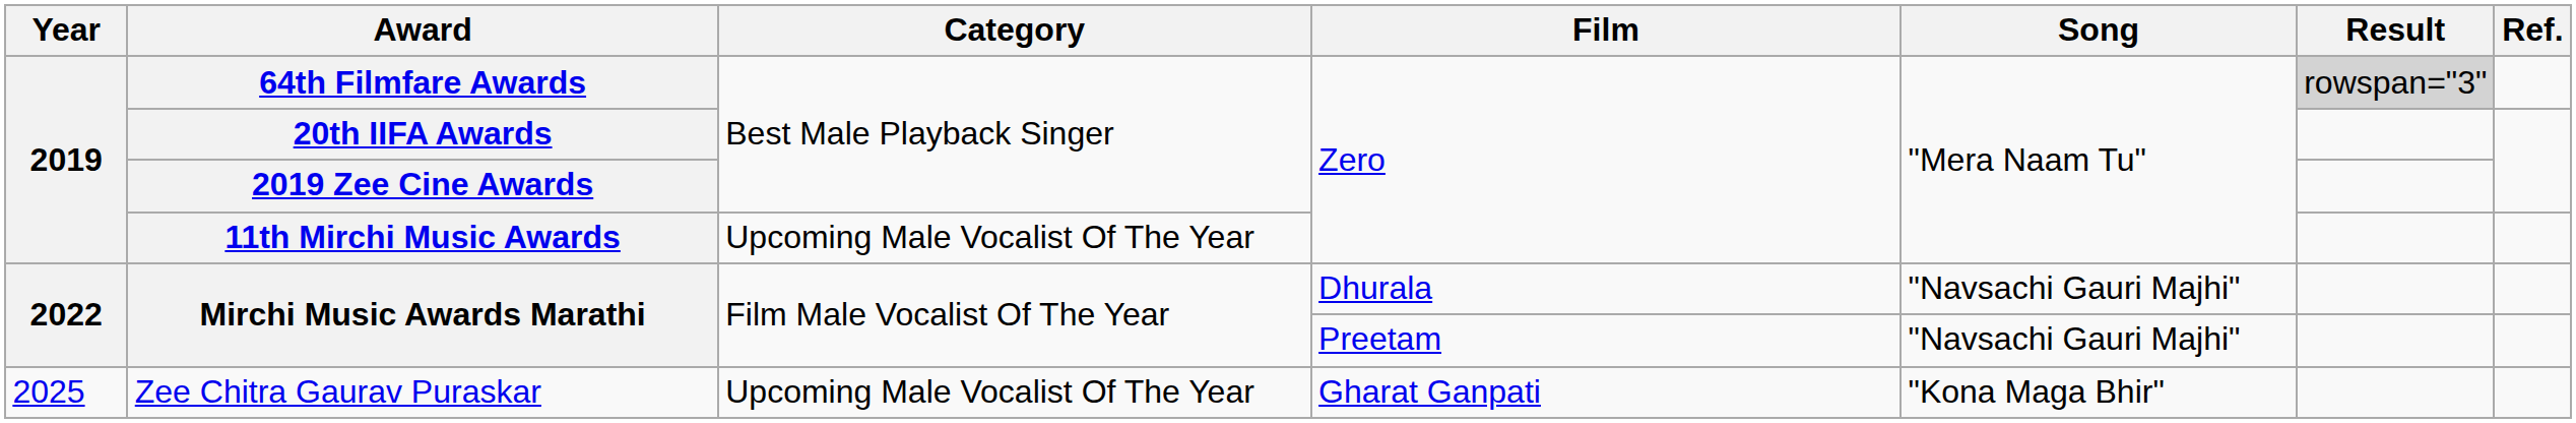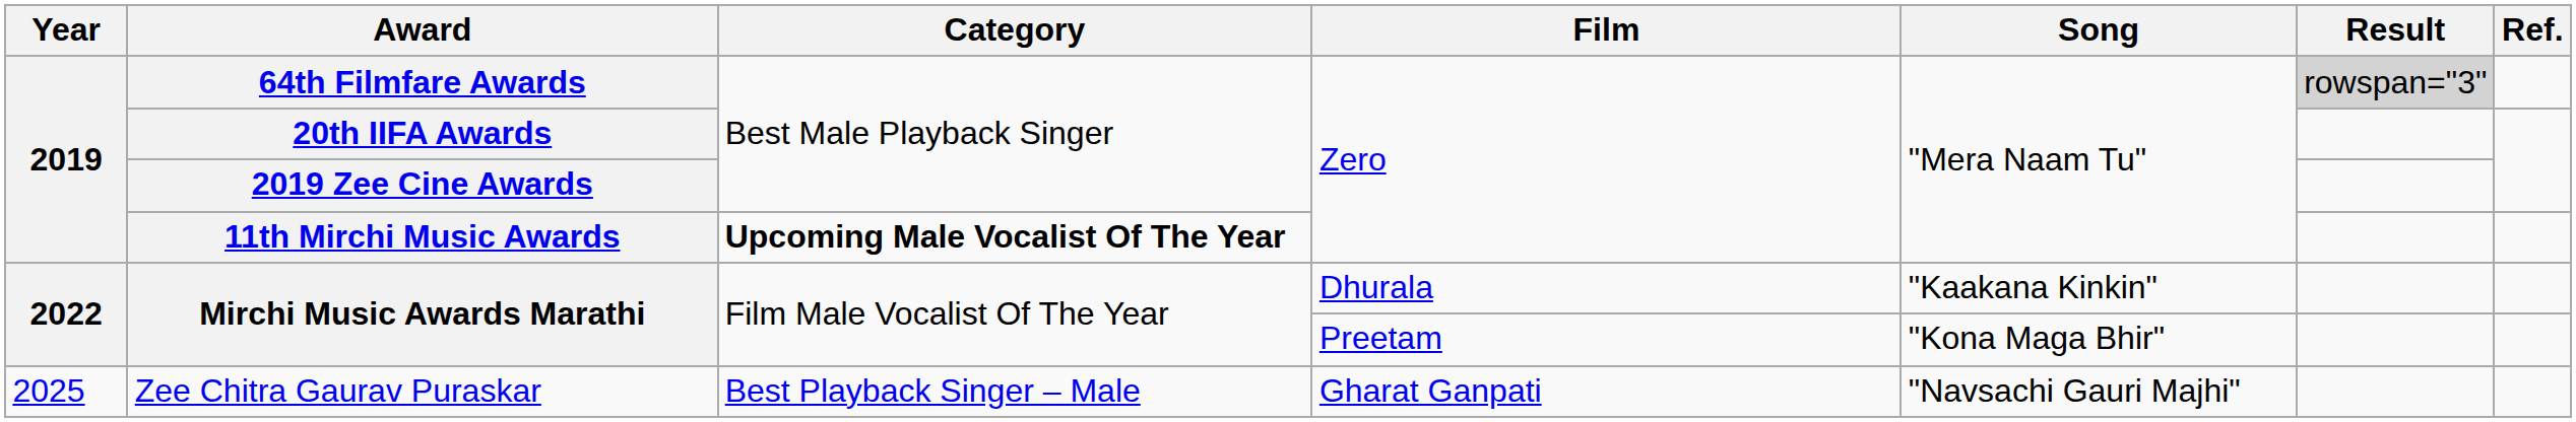 <table class="wikitable plainrowheaders" width="100%" textcolor:#000;">
 <tr>
 <th scope="col" width=5%><strong>Year</strong></th>
 <th scope="col" width=26%><strong>Award</strong></th>
 <th scope="col" width=26%><strong>Category</strong></th>
 <th scope="col" width=26%><strong>Film</strong></th>
 <th scope="col" width=26%><strong>Song</strong></th>
 <th scope="col" width=15%><strong>Result</strong></th>
 <th scope="col" width=2%><strong>Ref.</strong></th>
 </tr>
 <tr>
 <th scope="row" rowspan="4">2019</th>
 <th scope="row"><a href='#'>64th Filmfare Awards</a></th>
 <td rowspan="3">Best Male Playback Singer</td>
 <td rowspan="4"><a href='#'>Zero</a></td>
 <td rowspan="4">"Mera Naam Tu"</td>
 <td style="background: lightgrey;">rowspan="3" </td>
 <td></td>
 </tr>
 <tr>
 <th scope="row"><a href='#'>20th IIFA Awards</a></th>
 <td></td>
 </tr>
 <tr>
 <th scope="row"><a href='#'>2019 Zee Cine Awards</a></th>
 <td></td>
 </tr>
 <tr>
 <th scope="row"><a href='#'>11th Mirchi Music Awards</a></th>
-<td>Upcoming Male Vocalist Of The Year</td>
+<td><strong>Upcoming Male Vocalist Of The Year</strong></td>
 <td></td>
 <td></td>
 </tr>
 <tr>
 <th scope="row" rowspan="2">2022</th>
 <th scope="row" rowspan="2"><strong>Mirchi Music Awards Marathi</strong></th>
 <td rowspan="2">Film Male Vocalist Of The Year</td>
 <td><a href='#'>Dhurala</a></td>
-<td>"Navsachi Gauri Majhi"</td>
+<td>"Kaakana Kinkin"</td>
 <td></td>
 <td></td>
 </tr>
 <tr>
 <td><a href='#'>Preetam</a></td>
-<td>"Navsachi Gauri Majhi"</td>
+<td>"Kona Maga Bhir"</td>
 <td></td>
 <td></td>
 </tr>
 <tr>
 <td><a href='#'>2025</a></td>
 <td><a href='#'>Zee Chitra Gaurav Puraskar</a></td>
-<td>Upcoming Male Vocalist Of The Year</td>
+<td><a href='#'>Best Playback Singer – Male</a></td>
 <td><a href='#'>Gharat Ganpati</a></td>
-<td>"Kona Maga Bhir"</td>
+<td>"Navsachi Gauri Majhi"</td>
 <td></td>
 <td></td>
 </tr>
 </table>
